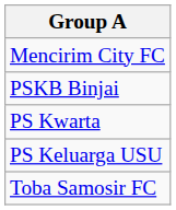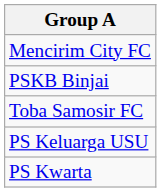 <table class="wikitable">
 <tr>
 <th><strong>Group A</strong></th>
 </tr>
 <tr>
 <td><a href='#'>Mencirim City FC</a></td>
 </tr>
 <tr>
 <td><a href='#'>PSKB Binjai</a></td>
 </tr>
 <tr>
-<td><a href='#'>PS Kwarta</a></td>
+<td><a href='#'>Toba Samosir FC</a></td>
 </tr>
 <tr>
 <td><a href='#'>PS Keluarga USU</a></td>
 </tr>
 <tr>
-<td><a href='#'>Toba Samosir FC</a></td>
+<td><a href='#'>PS Kwarta</a></td>
 </tr>
 </table>
